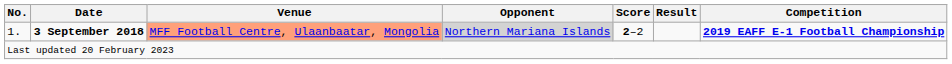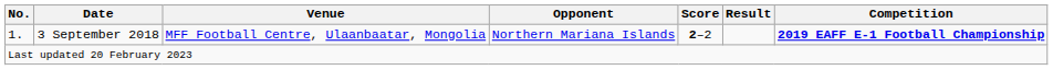 <table class="wikitable" style="font-size:85%;">
 <tr>
 <th>No.</th>
 <th>Date</th>
 <th>Venue</th>
 <th>Opponent</th>
 <th>Score</th>
 <th>Result</th>
 <th>Competition</th>
 </tr>
 <tr>
 <td>1.</td>
-<td><strong>3 September 2018</strong></td>
-<td style="background: lightsalmon;"><a href='#'>MFF Football Centre</a>, <a href='#'>Ulaanbaatar</a>, <a href='#'>Mongolia</a></td>
-<td style="background: lightgrey;"> <a href='#'>Northern Mariana Islands</a></td>
+<td>3 September 2018</td>
+<td><a href='#'>MFF Football Centre</a>, <a href='#'>Ulaanbaatar</a>, <a href='#'>Mongolia</a></td>
+<td> <a href='#'>Northern Mariana Islands</a></td>
 <td align=center><strong>2</strong>–2</td>
 <td></td>
 <td><strong><a href='#'>2019 EAFF E-1 Football Championship</a></strong></td>
 </tr>
 <tr>
 <td colspan="7"><small>Last updated 20 February 2023</small></td>
 </tr>
 </table>
